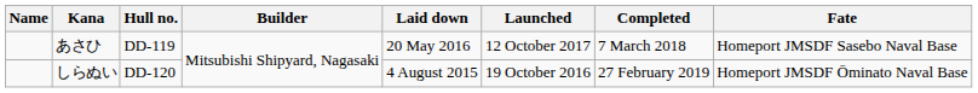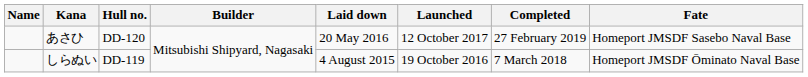 <table class="wikitable" style="font-size:90%;">
 <tr>
 <th>Name</th>
 <th>Kana</th>
 <th>Hull no.</th>
 <th>Builder</th>
 <th>Laid down</th>
 <th>Launched</th>
 <th>Completed</th>
 <th>Fate</th>
 </tr>
 <tr>
 <td></td>
 <td>あさひ</td>
-<td>DD-119</td>
+<td>DD-120</td>
 <td rowspan="2">Mitsubishi Shipyard, Nagasaki</td>
 <td>20 May 2016</td>
 <td>12 October 2017</td>
-<td>7 March 2018</td>
+<td>27 February 2019</td>
 <td>Homeport JMSDF Sasebo Naval Base</td>
 </tr>
 <tr>
 <td></td>
 <td>しらぬい</td>
-<td>DD-120</td>
+<td>DD-119</td>
 <td>4 August 2015</td>
 <td>19 October 2016</td>
-<td>27 February 2019</td>
+<td>7 March 2018</td>
 <td>Homeport JMSDF Ōminato Naval Base</td>
 </tr>
 </table>
